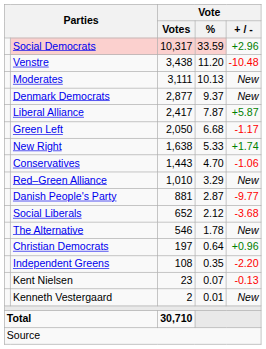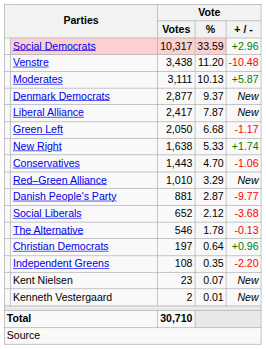 <table class="wikitable" style="text-align:right;">
 <tr>
 <th style="text-align:centre;" rowspan="2" colspan="2" width="225">Parties</th>
 <th colspan="3">Vote</th>
 </tr>
 <tr>
 <th width="15">Votes</th>
 <th width="15">%</th>
 <th width="15">+ / -</th>
 </tr>
 <tr>
 <td width="2" style="color:inherit;background:"></td>
 <td bgcolor=#fbd0ce  align="left"><a href='#'>Social Democrats</a></td>
 <td bgcolor=#fbd0ce>10,317</td>
 <td bgcolor=#fbd0ce>33.59</td>
 <td style=color:green;>+2.96</td>
 </tr>
 <tr>
 <td width="2" style="color:inherit;background:"></td>
 <td align="left"><a href='#'>Venstre</a></td>
 <td>3,438</td>
 <td>11.20</td>
 <td style=color:red;>-10.48</td>
 </tr>
 <tr>
 <td width="2" style="color:inherit;background:"></td>
 <td align="left"><a href='#'>Moderates</a></td>
 <td>3,111</td>
 <td>10.13</td>
-<td><em>New</em></td>
+<td style=color:green;>+5.87</td>
 </tr>
 <tr>
 <td width="2" style="color:inherit;background:"></td>
 <td align="left"><a href='#'>Denmark Democrats</a></td>
 <td>2,877</td>
 <td>9.37</td>
 <td><em>New</em></td>
 </tr>
 <tr>
 <td width="2" style="color:inherit;background:"></td>
 <td align="left"><a href='#'>Liberal Alliance</a></td>
 <td>2,417</td>
 <td>7.87</td>
-<td style=color:green;>+5.87</td>
+<td><em>New</em></td>
 </tr>
 <tr>
 <td width="2" style="color:inherit;background:"></td>
 <td align="left"><a href='#'>Green Left</a></td>
 <td>2,050</td>
 <td>6.68</td>
 <td style=color:red;>-1.17</td>
 </tr>
 <tr>
 <td width="2" style="color:inherit;background:"></td>
 <td align="left"><a href='#'>New Right</a></td>
 <td>1,638</td>
 <td>5.33</td>
 <td style=color:green;>+1.74</td>
 </tr>
 <tr>
 <td width="2" style="color:inherit;background:"></td>
 <td align="left"><a href='#'>Conservatives</a></td>
 <td>1,443</td>
 <td>4.70</td>
 <td style=color:red;>-1.06</td>
 </tr>
 <tr>
 <td width="2" style="color:inherit;background:"></td>
 <td align="left"><a href='#'>Red–Green Alliance</a></td>
 <td>1,010</td>
 <td>3.29</td>
 <td><em>New</em></td>
 </tr>
 <tr>
 <td width="2" style="color:inherit;background:"></td>
 <td align="left"><a href='#'>Danish People's Party</a></td>
 <td>881</td>
 <td>2.87</td>
 <td style=color:red;>-9.77</td>
 </tr>
 <tr>
 <td width="2" style="color:inherit;background:"></td>
 <td align="left"><a href='#'>Social Liberals</a></td>
 <td>652</td>
 <td>2.12</td>
 <td style=color:red;>-3.68</td>
 </tr>
 <tr>
 <td width="2" style="color:inherit;background:"></td>
 <td align="left"><a href='#'>The Alternative</a></td>
 <td>546</td>
 <td>1.78</td>
-<td><em>New</em></td>
+<td style=color:red;>-0.13</td>
 </tr>
 <tr>
 <td width="2" style="color:inherit;background:"></td>
 <td align="left"><a href='#'>Christian Democrats</a></td>
 <td>197</td>
 <td>0.64</td>
 <td style=color:green;>+0.96</td>
 </tr>
 <tr>
 <td width="2" style="color:inherit;background:"></td>
 <td align="left"><a href='#'>Independent Greens</a></td>
 <td>108</td>
 <td>0.35</td>
 <td style=color:red;>-2.20</td>
 </tr>
 <tr>
 <td width="2" style="color:inherit;background:"></td>
 <td align="left">Kent Nielsen</td>
 <td>23</td>
 <td>0.07</td>
-<td style=color:red;>-0.13</td>
+<td><em>New</em></td>
 </tr>
 <tr>
 <td width="2" style="color:inherit;background:"></td>
 <td align="left">Kenneth Vestergaard</td>
 <td>2</td>
 <td>0.01</td>
 <td><em>New</em></td>
 </tr>
 <tr>
 <td colspan="7" bgcolor="#E9E9E9"></td>
 </tr>
 <tr>
 <td align="left" colspan="2"><strong>Total</strong></td>
 <td><strong>30,710</strong></td>
 <td bgcolor="#E9E9E9" colspan="2"></td>
 </tr>
 <tr>
 <td align="left" colspan="6">Source</td>
 </tr>
 </table>
